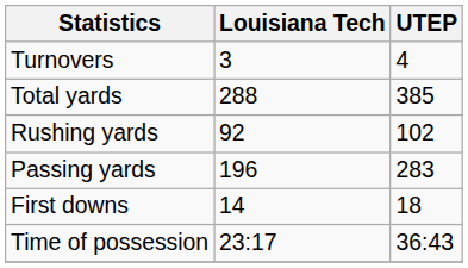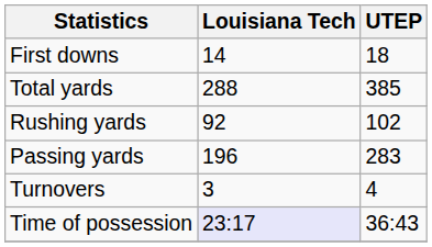 <table class="wikitable">
 <tr>
 <th>Statistics</th>
 <th>Louisiana Tech</th>
 <th>UTEP</th>
 </tr>
 <tr>
-<td>Turnovers</td>
-<td>3</td>
-<td>4</td>
+<td>First downs</td>
+<td>14</td>
+<td>18</td>
 </tr>
 <tr>
 <td>Total yards</td>
 <td>288</td>
 <td>385</td>
 </tr>
 <tr>
 <td>Rushing yards</td>
 <td>92</td>
 <td>102</td>
 </tr>
 <tr>
 <td>Passing yards</td>
 <td>196</td>
 <td>283</td>
 </tr>
 <tr>
-<td>First downs</td>
-<td>14</td>
-<td>18</td>
+<td>Turnovers</td>
+<td>3</td>
+<td>4</td>
 </tr>
 <tr>
 <td>Time of possession</td>
-<td>23:17</td>
+<td style="background: lavender;">23:17</td>
 <td>36:43</td>
 </tr>
 <tr>
 </tr>
 </table>
